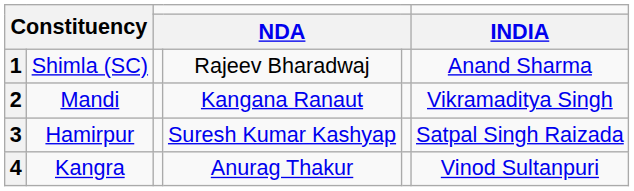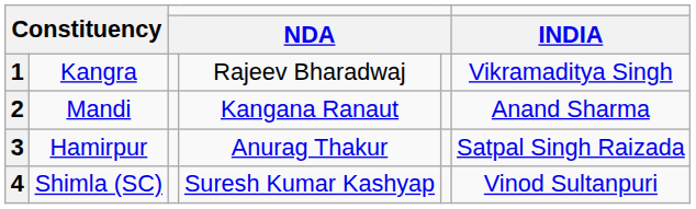 <table class="wikitable sortable" style="text-align:center;">
 <tr>
 <th colspan="2" rowspan="2">Constituency</th>
 <td colspan="3"></td>
 <td colspan="3"></td>
 </tr>
 <tr>
 <th colspan="3" class="wikitable"><a href='#'>NDA</a></th>
 <th colspan="3" class="wikitable"><a href='#'>INDIA</a></th>
 </tr>
 <tr>
 <th>1</th>
-<td><a href='#'>Shimla (SC)</a></td>
+<td><a href='#'>Kangra</a></td>
 <td></td>
 <td>Rajeev Bharadwaj</td>
 <td></td>
-<td><a href='#'>Anand Sharma</a></td>
+<td><a href='#'> Vikramaditya Singh</a></td>
 </tr>
 <tr>
 <th>2</th>
 <td><a href='#'>Mandi</a></td>
 <td></td>
 <td><a href='#'>Kangana Ranaut</a></td>
 <td></td>
-<td><a href='#'> Vikramaditya Singh</a></td>
+<td><a href='#'>Anand Sharma</a></td>
 </tr>
 <tr>
 <th>3</th>
 <td><a href='#'>Hamirpur</a></td>
 <td></td>
-<td><a href='#'>Suresh Kumar Kashyap</a></td>
+<td><a href='#'>Anurag Thakur</a></td>
 <td></td>
 <td><a href='#'>Satpal Singh Raizada</a></td>
 </tr>
 <tr>
 <th>4</th>
-<td><a href='#'>Kangra</a></td>
+<td><a href='#'>Shimla (SC)</a></td>
 <td></td>
-<td><a href='#'>Anurag Thakur</a></td>
+<td><a href='#'>Suresh Kumar Kashyap</a></td>
 <td></td>
 <td><a href='#'>Vinod Sultanpuri</a></td>
 </tr>
 </table>
